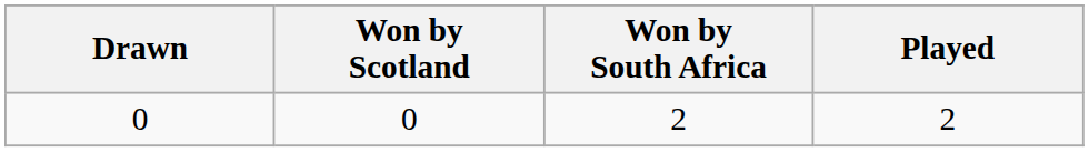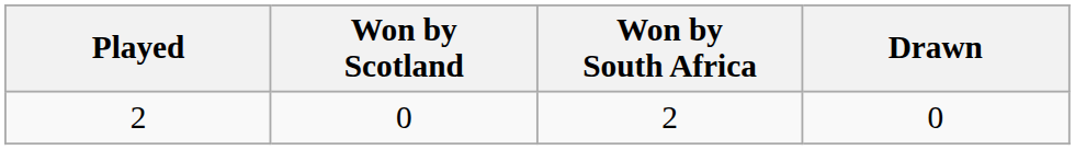 <table class="wikitable">
 <tr>
-<th width="125">Drawn</th>
+<th width="125">Played</th>
 <th width="125">Won by<br>Scotland</th>
 <th width="125">Won by<br>South Africa</th>
-<th width="125">Played</th>
+<th width="125">Drawn</th>
 </tr>
 <tr>
-<td align=center>0</td>
+<td align=center>2</td>
 <td align=center>0</td>
 <td align=center>2</td>
-<td align=center>2</td>
+<td align=center>0</td>
 </tr>
 </table>
